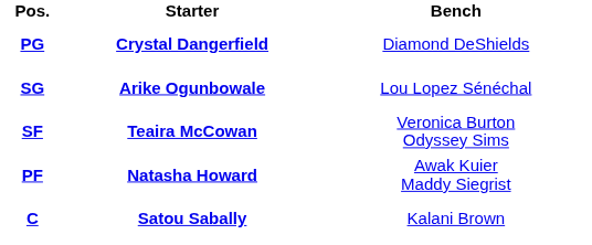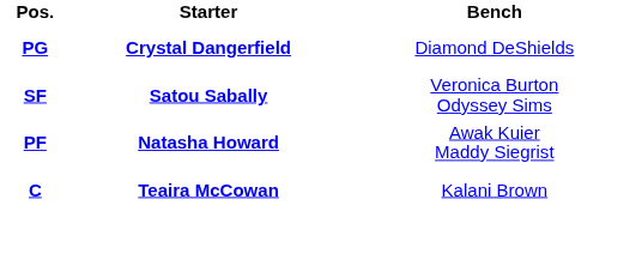 <table style="text-align:center; ">
 <tr>
 <th width="50">Pos.</th>
 <th width="250">Starter</th>
 <th width="250">Bench</th>
 </tr>
 <tr style="height:40px; background:white; color:#092C57">
 <th><a href='#'><span>PG</span></a></th>
 <td><strong><a href='#'>Crystal Dangerfield</a></strong></td>
 <td><a href='#'>Diamond DeShields</a></td>
 </tr>
 <tr style="height:40px; background:white; color:#092C57">
-<th><a href='#'><span>SG</span></a></th>
-<td><strong><a href='#'>Arike Ogunbowale</a></strong></td>
-<td><a href='#'>Lou Lopez Sénéchal</a></td>
-</tr>
-<tr style="height:40px; background:white; color:#092C57">
 <th><a href='#'><span>SF</span></a></th>
-<td><strong><a href='#'>Teaira McCowan</a></strong></td>
+<td><strong><a href='#'>Satou Sabally</a></strong></td>
 <td><a href='#'>Veronica Burton</a><br><a href='#'>Odyssey Sims</a></td>
 </tr>
 <tr style="height:40px; background:white; color:#092C57">
 <th><a href='#'><span>PF</span></a></th>
 <td><strong><a href='#'>Natasha Howard</a></strong></td>
 <td><a href='#'>Awak Kuier</a><br><a href='#'>Maddy Siegrist</a></td>
 </tr>
 <tr style="height:40px; background:white; color:#092C57">
 <th><a href='#'><span>C</span></a></th>
-<td><strong><a href='#'>Satou Sabally</a></strong></td>
+<td><strong><a href='#'>Teaira McCowan</a></strong></td>
 <td><a href='#'>Kalani Brown</a></td>
 </tr>
 </table>
